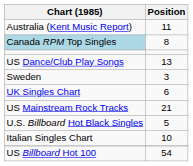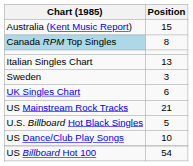 <table class="wikitable sortable">
 <tr>
 <th>Chart (1985)</th>
 <th>Position</th>
 </tr>
 <tr>
 <td>Australia (<a href='#'>Kent Music Report</a>)</td>
-<td align="center">11</td>
+<td align="center">15</td>
 </tr>
 <tr>
 <td style="background: lightblue;">Canada <em>RPM</em> Top Singles</td>
 <td align="center">8</td>
 </tr>
 <tr>
 <td></td>
 </tr>
 <tr>
-<td>US <a href='#'>Dance/Club Play Songs</a></td>
+<td>Italian Singles Chart</td>
 <td align="center">13</td>
 </tr>
 <tr>
 <td>Sweden</td>
 <td align="center">3</td>
 </tr>
 <tr>
 <td><a href='#'>UK Singles Chart</a></td>
 <td align="center">6</td>
 </tr>
 <tr>
 <td>US <a href='#'>Mainstream Rock Tracks</a></td>
 <td align="center">21</td>
 </tr>
 <tr>
 <td>U.S. <em>Billboard</em> <a href='#'>Hot Black Singles</a></td>
 <td align="center">5</td>
 </tr>
 <tr>
-<td>Italian Singles Chart</td>
+<td>US <a href='#'>Dance/Club Play Songs</a></td>
 <td align="center">10</td>
 </tr>
 <tr>
 </tr>
 <tr>
 <td>US <a href='#'><em>Billboard</em> Hot 100</a></td>
 <td align="center">54</td>
 </tr>
 </table>
